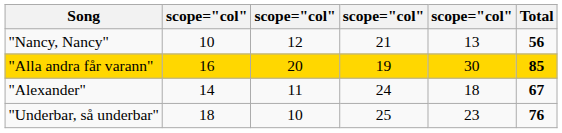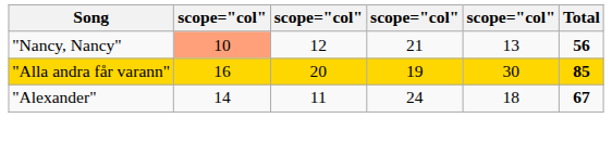 <table class="wikitable plainrowheaders" style="margin: 1em auto 1em auto; text-align:center;">
 <tr>
 <th scope="col">Song</th>
 <th>scope="col" </th>
 <th>scope="col" </th>
 <th>scope="col" </th>
 <th>scope="col" </th>
 <th scope="col">Total</th>
 </tr>
 <tr>
 <td align=left>"Nancy, Nancy"</td>
-<td>10</td>
+<td style="background: lightsalmon;">10</td>
 <td>12</td>
 <td>21</td>
 <td>13</td>
 <td><strong>56</strong></td>
 </tr>
 <tr style="background:gold">
 <td align=left>"Alla andra får varann"</td>
 <td>16</td>
 <td>20</td>
 <td>19</td>
 <td>30</td>
 <td><strong>85</strong></td>
 </tr>
 <tr>
 <td align=left>"Alexander"</td>
 <td>14</td>
 <td>11</td>
 <td>24</td>
 <td>18</td>
 <td><strong>67</strong></td>
 </tr>
-<tr>
-<td align=left>"Underbar, så underbar"</td>
-<td>18</td>
-<td>10</td>
-<td>25</td>
-<td>23</td>
-<td><strong>76</strong></td>
-</tr>
 </table>
